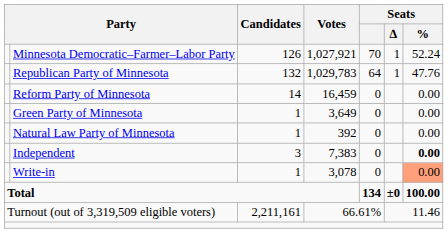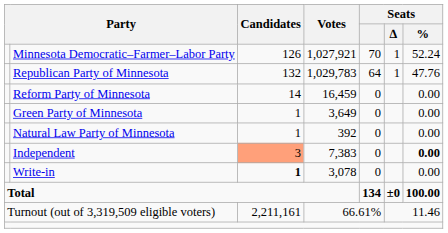 <table class="wikitable">
 <tr>
 <th rowspan="2" colspan="2">Party</th>
 <th rowspan="2">Candidates</th>
 <th rowspan="2" colspan="1">Votes</th>
 <th colspan="3">Seats</th>
 </tr>
 <tr>
 <th></th>
 <th>∆</th>
 <th>%</th>
 </tr>
 <tr>
 <td style="background-color:"></td>
 <td><a href='#'>Minnesota Democratic–Farmer–Labor Party</a></td>
 <td align="right">126</td>
 <td align="right">1,027,921</td>
 <td align="right">70</td>
 <td align="right">1</td>
 <td align="right">52.24</td>
 </tr>
 <tr>
 <td style="background-color:"></td>
 <td><a href='#'>Republican Party of Minnesota</a></td>
 <td align="right">132</td>
 <td align="right">1,029,783</td>
 <td align="right">64</td>
 <td align="right">1</td>
 <td align="right">47.76</td>
 </tr>
 <tr>
 <td style="background-color:"></td>
 <td><a href='#'>Reform Party of Minnesota</a></td>
 <td align="right">14</td>
 <td align="right">16,459</td>
 <td align="right">0</td>
 <td align="right"></td>
 <td align="right">0.00</td>
 </tr>
 <tr>
 <td style="background-color:"></td>
 <td><a href='#'>Green Party of Minnesota</a></td>
 <td align="right">1</td>
 <td align="right">3,649</td>
 <td align="right">0</td>
 <td align="right"></td>
 <td align="right">0.00</td>
 </tr>
 <tr>
 <td style="background-color:"></td>
 <td><a href='#'>Natural Law Party of Minnesota</a></td>
 <td align="right">1</td>
 <td align="right">392</td>
 <td align="right">0</td>
 <td align="right"></td>
 <td align="right">0.00</td>
 </tr>
 <tr>
 <td style="background-color:"></td>
 <td><a href='#'>Independent</a></td>
-<td align="right">3</td>
+<td align="right" style="background: lightsalmon;">3</td>
 <td align="right">7,383</td>
 <td align="right">0</td>
 <td align="right"></td>
 <td align="right"><strong>0.00</strong></td>
 </tr>
 <tr>
 <td style="background-color:"></td>
 <td><a href='#'>Write-in</a></td>
-<td align="right">1</td>
+<td align="right"><strong>1</strong></td>
 <td align="right">3,078</td>
 <td align="right">0</td>
 <td align="right"></td>
-<td align="right" style="background: lightsalmon;">0.00</td>
+<td align="right">0.00</td>
 </tr>
 <tr>
 <td colspan="4" align="left"><strong>Total</strong></td>
 <td align="right"><strong>134</strong></td>
 <td align="right"><strong>±0</strong></td>
 <td align="right"><strong>100.00</strong></td>
 </tr>
 <tr>
 <td colspan="2" align="left">Turnout (out of 3,319,509 eligible voters)</td>
 <td colspan="1" align="right">2,211,161</td>
 <td colspan="2" align="right">66.61%</td>
 <td colspan="2" align="right">11.46 </td>
 </tr>
 <tr>
 <td colspan="7"></td>
 </tr>
 </table>
